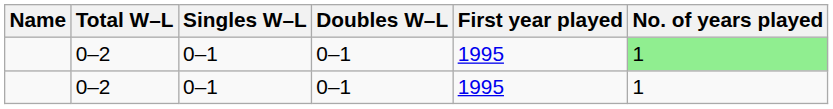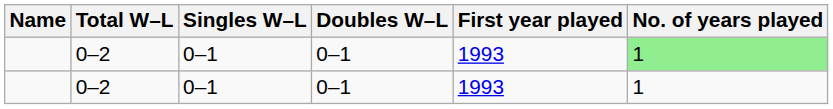 <table class="sortable wikitable">
 <tr>
 <th>Name</th>
 <th>Total W–L</th>
 <th>Singles W–L</th>
 <th>Doubles W–L</th>
 <th>First year played</th>
 <th>No. of years played</th>
 </tr>
 <tr>
 <td></td>
 <td>0–2</td>
 <td>0–1</td>
 <td>0–1</td>
-<td><a href='#'>1995</a></td>
+<td><a href='#'>1993</a></td>
 <td style="background: lightgreen;">1</td>
 </tr>
 <tr>
 <td></td>
 <td>0–2</td>
 <td>0–1</td>
 <td>0–1</td>
-<td><a href='#'>1995</a></td>
+<td><a href='#'>1993</a></td>
 <td>1</td>
 </tr>
 </table>
